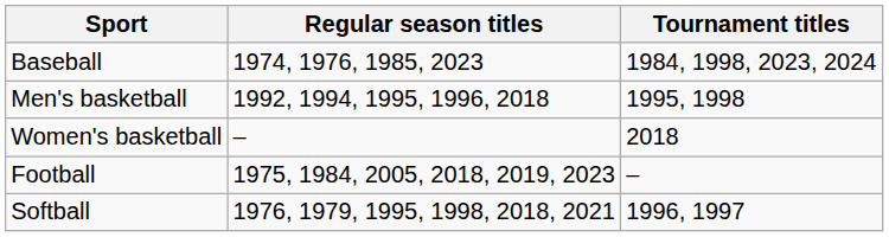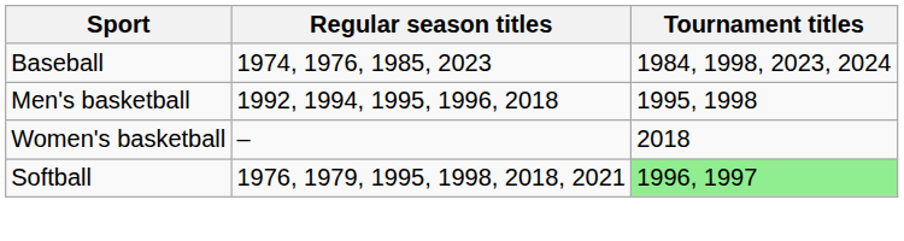 <table class="wikitable"; style= " ">
 <tr>
 <th width=px>Sport</th>
 <th width=px>Regular season titles</th>
 <th width=px>Tournament titles</th>
 </tr>
 <tr>
 <td>Baseball</td>
 <td>1974, 1976, 1985, 2023</td>
 <td>1984, 1998, 2023, 2024</td>
 </tr>
 <tr>
 <td>Men's basketball</td>
 <td>1992, 1994, 1995, 1996, 2018</td>
 <td>1995, 1998</td>
 </tr>
 <tr>
 <td>Women's basketball</td>
 <td>–</td>
 <td>2018</td>
 </tr>
 <tr>
-<td>Football </td>
-<td>1975, 1984, 2005, 2018, 2019, 2023</td>
-<td>–</td>
-</tr>
-<tr>
 <td>Softball</td>
 <td>1976, 1979, 1995, 1998, 2018, 2021</td>
-<td>1996, 1997</td>
+<td style="background: lightgreen;">1996, 1997</td>
 </tr>
 </table>
